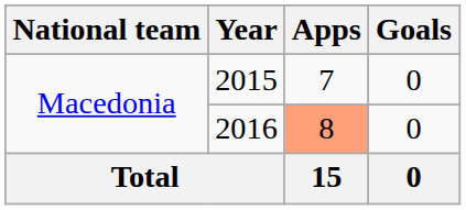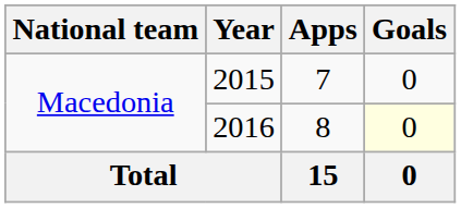 <table class="wikitable" style="text-align: center;">
 <tr>
 <th>National team</th>
 <th>Year</th>
 <th>Apps</th>
 <th>Goals</th>
 </tr>
 <tr>
 <td rowspan="2" valign="center"><a href='#'>Macedonia</a></td>
 <td>2015</td>
 <td>7</td>
 <td>0</td>
 </tr>
 <tr>
 <td>2016</td>
-<td style="background: lightsalmon;">8</td>
-<td>0</td>
+<td>8</td>
+<td style="background: lightyellow;">0</td>
 </tr>
 <tr>
 <th colspan="2">Total</th>
 <th>15</th>
 <th>0</th>
 </tr>
 </table>
